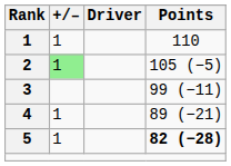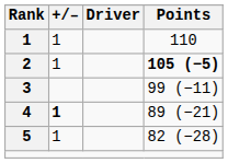 <table class="wikitable sortable" style="font-size: 95%;">
 <tr>
 </tr>
 <tr>
 <th scope="col">Rank</th>
 <th scope="col">+/–</th>
 <th scope="col">Driver</th>
 <th scope="col">Points</th>
 </tr>
 <tr>
 <th scope="row">1</th>
 <td align="left"> 1</td>
 <td></td>
 <td align="center">110</td>
 </tr>
 <tr>
 <th scope="row">2</th>
-<td align="left" style="background: lightgreen;"> 1</td>
+<td align="left"> 1</td>
 <td></td>
-<td align="center">105 (−5)</td>
+<td align="center"><strong>105 (−5)</strong></td>
 </tr>
 <tr>
 <th scope="row">3</th>
 <td align="left"></td>
 <td></td>
 <td align="center">99 (−11)</td>
 </tr>
 <tr>
 <th scope="row">4</th>
-<td align="left"> 1</td>
+<td align="left"><strong> 1</strong></td>
 <td></td>
 <td align="center">89 (−21)</td>
 </tr>
 <tr>
 <th scope="row">5</th>
 <td align="left"> 1</td>
 <td></td>
-<td align="center"><strong>82 (−28)</strong></td>
+<td align="center">82 (−28)</td>
 </tr>
 <tr class="sortbottom">
 <td colspan="9"></td>
 </tr>
 </table>
